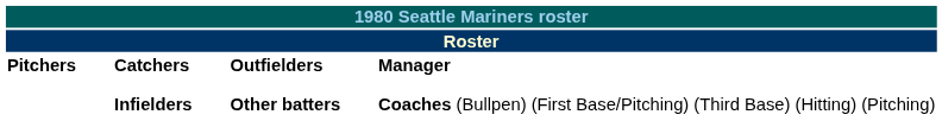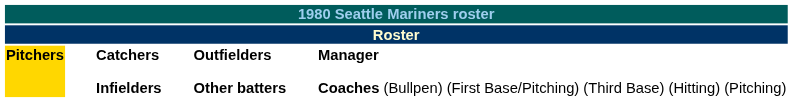 <table class="toccolours" style="font-size: 95%;">
 <tr>
 <th colspan="10" style="background-color: #005c5c; color: #9ECEEE; text-align: center;">1980 Seattle Mariners roster</th>
 </tr>
 <tr>
 <td colspan="10" style="background-color: #003366; color: #FFFDD0; text-align: center;"><strong>Roster</strong></td>
 </tr>
 <tr>
-<td valign="top"><strong>Pitchers</strong><br>            </td>
+<td valign="top" style="background: gold;"><strong>Pitchers</strong><br>            </td>
 <td width="25px"></td>
 <td valign="top"><strong>Catchers</strong><br>   <br><strong>Infielders</strong>         </td>
 <td width="25px"></td>
 <td valign="top"><strong>Outfielders</strong><br>      <br><strong>Other batters</strong> </td>
 <td width="25px"></td>
 <td valign="top"><strong>Manager</strong><br> <br><strong>Coaches</strong>  (Bullpen)  (First Base/Pitching)  (Third Base)  (Hitting)  (Pitching)</td>
 </tr>
 </table>
